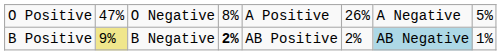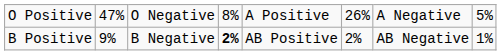 <table class="wikitable">
 <tr>
 <td>O Positive</td>
 <td>47%</td>
 <td>O Negative</td>
 <td>8%</td>
 <td>A Positive</td>
 <td>26%</td>
 <td>A Negative</td>
 <td>5%</td>
 </tr>
 <tr>
 <td>B Positive</td>
-<td style="background: khaki;">9%</td>
+<td>9%</td>
 <td>B Negative</td>
 <td><strong>2%</strong></td>
 <td>AB Positive</td>
 <td>2%</td>
-<td style="background: lightblue;">AB Negative</td>
+<td>AB Negative</td>
 <td>1%</td>
 </tr>
 </table>
